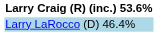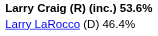 <table>
 <tr>
 <td><strong>Larry Craig (R) (inc.) 53.6%</strong></td>
 </tr>
 <tr>
-<td style="background: lightblue;"><a href='#'>Larry LaRocco</a> (D) 46.4%</td>
+<td><a href='#'>Larry LaRocco</a> (D) 46.4%</td>
 </tr>
 </table>
